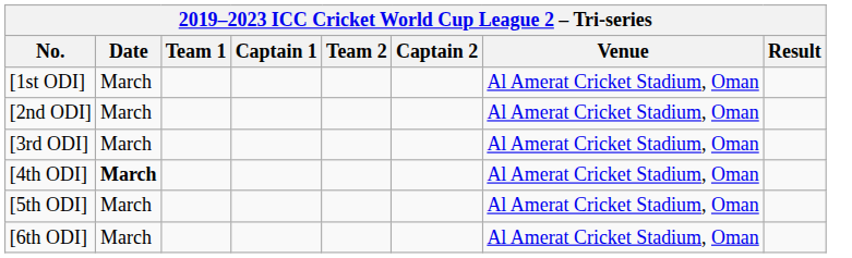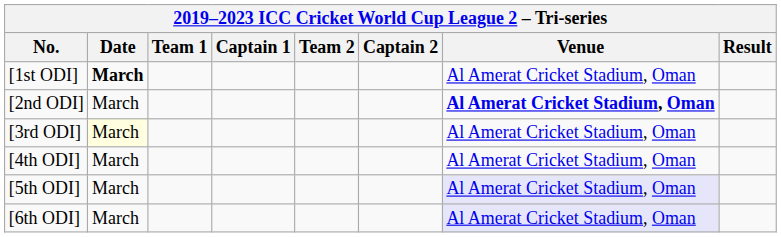 <table class="wikitable">
 <tr>
 <th colspan="9"><a href='#'>2019–2023 ICC Cricket World Cup League 2</a> – Tri-series</th>
 </tr>
 <tr>
 <th>No.</th>
 <th>Date</th>
 <th>Team 1</th>
 <th>Captain 1</th>
 <th>Team 2</th>
 <th>Captain 2</th>
 <th>Venue</th>
 <th>Result</th>
 </tr>
 <tr>
 <td>[1st ODI]</td>
-<td>March</td>
+<td><strong>March</strong></td>
 <td></td>
 <td></td>
 <td></td>
 <td></td>
 <td><a href='#'>Al Amerat Cricket Stadium</a>, <a href='#'>Oman</a></td>
 <td></td>
 </tr>
 <tr>
 <td>[2nd ODI]</td>
 <td>March</td>
 <td></td>
 <td></td>
 <td></td>
 <td></td>
-<td><a href='#'>Al Amerat Cricket Stadium</a>, <a href='#'>Oman</a></td>
+<td><strong><a href='#'>Al Amerat Cricket Stadium</a>, <a href='#'>Oman</a></strong></td>
 <td></td>
 </tr>
 <tr>
 <td>[3rd ODI]</td>
-<td>March</td>
+<td style="background: lightyellow;">March</td>
 <td></td>
 <td></td>
 <td></td>
 <td></td>
 <td><a href='#'>Al Amerat Cricket Stadium</a>, <a href='#'>Oman</a></td>
 <td></td>
 </tr>
 <tr>
 <td>[4th ODI]</td>
-<td><strong>March</strong></td>
+<td>March</td>
 <td></td>
 <td></td>
 <td></td>
 <td></td>
 <td><a href='#'>Al Amerat Cricket Stadium</a>, <a href='#'>Oman</a></td>
 <td></td>
 </tr>
 <tr>
 <td>[5th ODI]</td>
 <td>March</td>
 <td></td>
 <td></td>
 <td></td>
 <td></td>
-<td><a href='#'>Al Amerat Cricket Stadium</a>, <a href='#'>Oman</a></td>
+<td style="background: lavender;"><a href='#'>Al Amerat Cricket Stadium</a>, <a href='#'>Oman</a></td>
 <td></td>
 </tr>
 <tr>
 <td>[6th ODI]</td>
 <td>March</td>
 <td></td>
 <td></td>
 <td></td>
 <td></td>
-<td><a href='#'>Al Amerat Cricket Stadium</a>, <a href='#'>Oman</a></td>
+<td style="background: lavender;"><a href='#'>Al Amerat Cricket Stadium</a>, <a href='#'>Oman</a></td>
 <td></td>
 </tr>
 </table>
